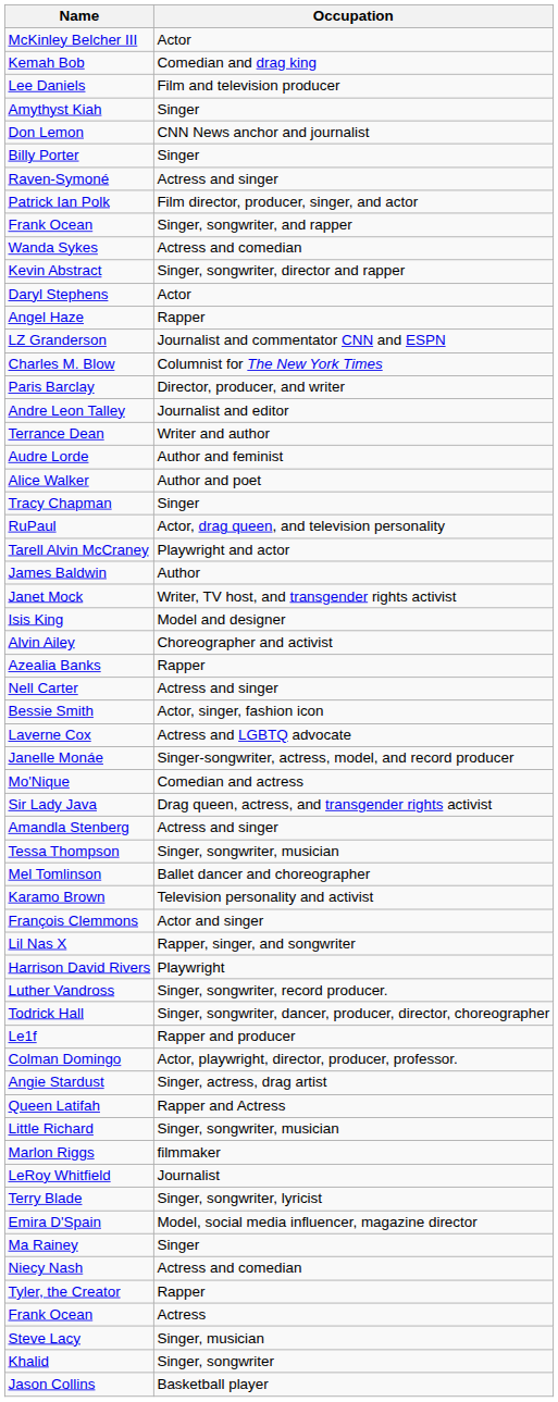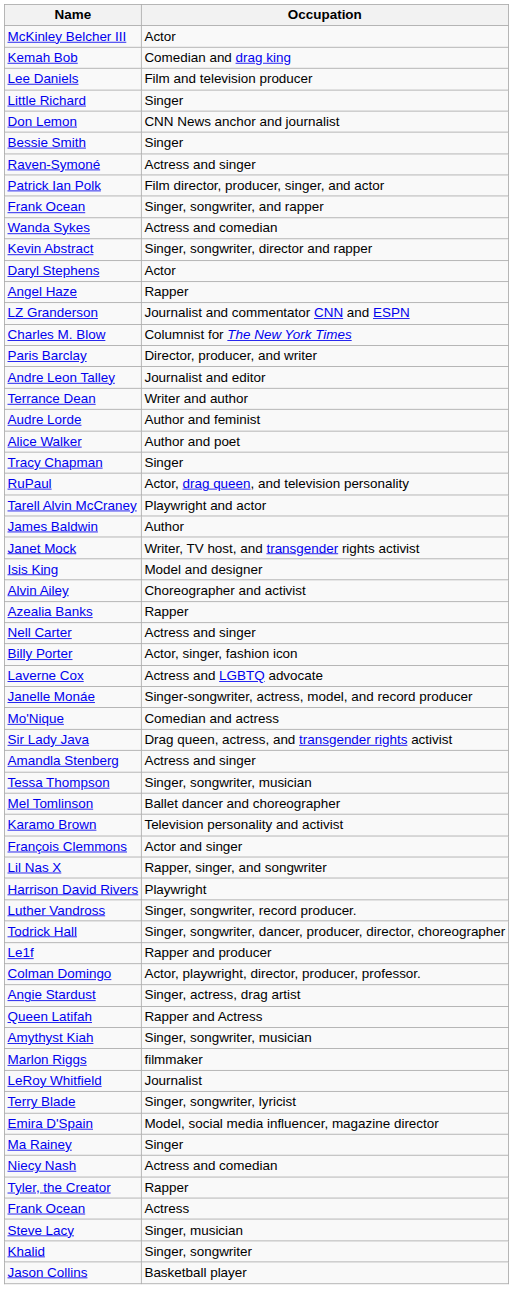 <table class="wikitable">
 <tr>
 <th>Name</th>
 <th>Occupation</th>
 </tr>
 <tr>
 <td><a href='#'>McKinley Belcher III</a></td>
 <td>Actor</td>
 </tr>
 <tr>
 <td><a href='#'>Kemah Bob</a></td>
 <td>Comedian and <a href='#'>drag king</a></td>
 </tr>
 <tr>
 <td><a href='#'>Lee Daniels</a></td>
 <td>Film and television producer</td>
 </tr>
 <tr>
-<td><a href='#'>Amythyst Kiah</a></td>
+<td><a href='#'>Little Richard</a></td>
 <td>Singer</td>
 </tr>
 <tr>
 <td><a href='#'>Don Lemon</a></td>
 <td>CNN News anchor and journalist</td>
 </tr>
 <tr>
-<td><a href='#'>Billy Porter</a></td>
+<td><a href='#'>Bessie Smith</a></td>
 <td>Singer</td>
 </tr>
 <tr>
 <td><a href='#'>Raven-Symoné</a></td>
 <td>Actress and singer</td>
 </tr>
 <tr>
 <td><a href='#'>Patrick Ian Polk</a></td>
 <td>Film director, producer, singer, and actor</td>
 </tr>
 <tr>
 <td><a href='#'>Frank Ocean</a></td>
 <td>Singer, songwriter, and rapper</td>
 </tr>
 <tr>
 <td><a href='#'>Wanda Sykes</a></td>
 <td>Actress and comedian</td>
 </tr>
 <tr>
 <td><a href='#'>Kevin Abstract</a></td>
 <td>Singer, songwriter, director and rapper</td>
 </tr>
 <tr>
 <td><a href='#'>Daryl Stephens</a></td>
 <td>Actor</td>
 </tr>
 <tr>
 <td><a href='#'>Angel Haze</a></td>
 <td>Rapper</td>
 </tr>
 <tr>
 <td><a href='#'>LZ Granderson</a></td>
 <td>Journalist and commentator <a href='#'>CNN</a> and <a href='#'>ESPN</a></td>
 </tr>
 <tr>
 <td><a href='#'>Charles M. Blow</a></td>
 <td>Columnist for <em><a href='#'>The New York Times</a></em></td>
 </tr>
 <tr>
 <td><a href='#'>Paris Barclay</a></td>
 <td>Director, producer, and writer</td>
 </tr>
 <tr>
 <td><a href='#'>Andre Leon Talley</a></td>
 <td>Journalist and editor</td>
 </tr>
 <tr>
 <td><a href='#'>Terrance Dean</a></td>
 <td>Writer and author</td>
 </tr>
 <tr>
 <td><a href='#'>Audre Lorde</a></td>
 <td>Author and feminist</td>
 </tr>
 <tr>
 <td><a href='#'>Alice Walker</a></td>
 <td>Author and poet</td>
 </tr>
 <tr>
 <td><a href='#'>Tracy Chapman</a></td>
 <td>Singer</td>
 </tr>
 <tr>
 <td><a href='#'>RuPaul</a></td>
 <td>Actor, <a href='#'>drag queen</a>, and television personality</td>
 </tr>
 <tr>
 <td><a href='#'>Tarell Alvin McCraney</a></td>
 <td>Playwright and actor</td>
 </tr>
 <tr>
 <td><a href='#'>James Baldwin</a></td>
 <td>Author</td>
 </tr>
 <tr>
 <td><a href='#'>Janet Mock</a></td>
 <td>Writer, TV host, and <a href='#'>transgender</a> rights activist</td>
 </tr>
 <tr>
 <td><a href='#'>Isis King</a></td>
 <td>Model and designer</td>
 </tr>
 <tr>
 <td><a href='#'>Alvin Ailey</a></td>
 <td>Choreographer and activist</td>
 </tr>
 <tr>
 <td><a href='#'>Azealia Banks</a></td>
 <td>Rapper</td>
 </tr>
 <tr>
 <td><a href='#'>Nell Carter</a></td>
 <td>Actress and singer</td>
 </tr>
 <tr>
-<td><a href='#'>Bessie Smith</a></td>
+<td><a href='#'>Billy Porter</a></td>
 <td>Actor, singer, fashion icon</td>
 </tr>
 <tr>
 <td><a href='#'>Laverne Cox</a></td>
 <td>Actress and <a href='#'>LGBTQ</a> advocate</td>
 </tr>
 <tr>
 <td><a href='#'>Janelle Monáe</a></td>
 <td>Singer-songwriter, actress, model, and record producer</td>
 </tr>
 <tr>
 <td><a href='#'>Mo'Nique</a></td>
 <td>Comedian and actress</td>
 </tr>
 <tr>
 <td><a href='#'>Sir Lady Java</a></td>
 <td>Drag queen, actress, and <a href='#'>transgender rights</a> activist</td>
 </tr>
 <tr>
 <td><a href='#'>Amandla Stenberg</a></td>
 <td>Actress and singer</td>
 </tr>
 <tr>
 <td><a href='#'>Tessa Thompson</a></td>
 <td>Singer, songwriter, musician</td>
 </tr>
 <tr>
 <td><a href='#'>Mel Tomlinson</a></td>
 <td>Ballet dancer and choreographer</td>
 </tr>
 <tr>
 <td><a href='#'>Karamo Brown</a></td>
 <td>Television personality and activist</td>
 </tr>
 <tr>
 <td><a href='#'>François Clemmons</a></td>
 <td>Actor and singer</td>
 </tr>
 <tr>
 <td><a href='#'>Lil Nas X</a></td>
 <td>Rapper, singer, and songwriter</td>
 </tr>
 <tr>
 <td><a href='#'>Harrison David Rivers</a></td>
 <td>Playwright</td>
 </tr>
 <tr>
 <td><a href='#'>Luther Vandross</a></td>
 <td>Singer, songwriter, record producer.</td>
 </tr>
 <tr>
 <td><a href='#'>Todrick Hall</a></td>
 <td>Singer, songwriter, dancer, producer, director, choreographer</td>
 </tr>
 <tr>
 <td><a href='#'>Le1f</a></td>
 <td>Rapper and producer</td>
 </tr>
 <tr>
 <td><a href='#'>Colman Domingo</a></td>
 <td>Actor, playwright, director, producer, professor.</td>
 </tr>
 <tr>
 <td><a href='#'>Angie Stardust</a></td>
 <td>Singer, actress, drag artist</td>
 </tr>
 <tr>
 <td><a href='#'>Queen Latifah</a></td>
 <td>Rapper and Actress</td>
 </tr>
 <tr>
-<td><a href='#'>Little Richard</a></td>
+<td><a href='#'>Amythyst Kiah</a></td>
 <td>Singer, songwriter, musician</td>
 </tr>
 <tr>
 <td><a href='#'>Marlon Riggs</a></td>
 <td>filmmaker</td>
 </tr>
 <tr>
 <td><a href='#'>LeRoy Whitfield</a></td>
 <td>Journalist</td>
 </tr>
 <tr>
 <td><a href='#'>Terry Blade</a></td>
 <td>Singer, songwriter, lyricist</td>
 </tr>
 <tr>
 <td><a href='#'>Emira D'Spain</a></td>
 <td>Model, social media influencer, magazine director</td>
 </tr>
 <tr>
 <td><a href='#'>Ma Rainey</a></td>
 <td>Singer</td>
 </tr>
 <tr>
 <td><a href='#'>Niecy Nash</a></td>
 <td>Actress and comedian</td>
 </tr>
 <tr>
 <td><a href='#'>Tyler, the Creator</a></td>
 <td>Rapper</td>
 </tr>
 <tr>
 <td><a href='#'>Frank Ocean</a></td>
 <td>Actress</td>
 </tr>
 <tr>
 <td><a href='#'>Steve Lacy</a></td>
 <td>Singer, musician</td>
 </tr>
 <tr>
 <td><a href='#'>Khalid</a></td>
 <td>Singer, songwriter</td>
 </tr>
 <tr>
 <td><a href='#'>Jason Collins</a></td>
 <td>Basketball player</td>
 </tr>
 </table>
